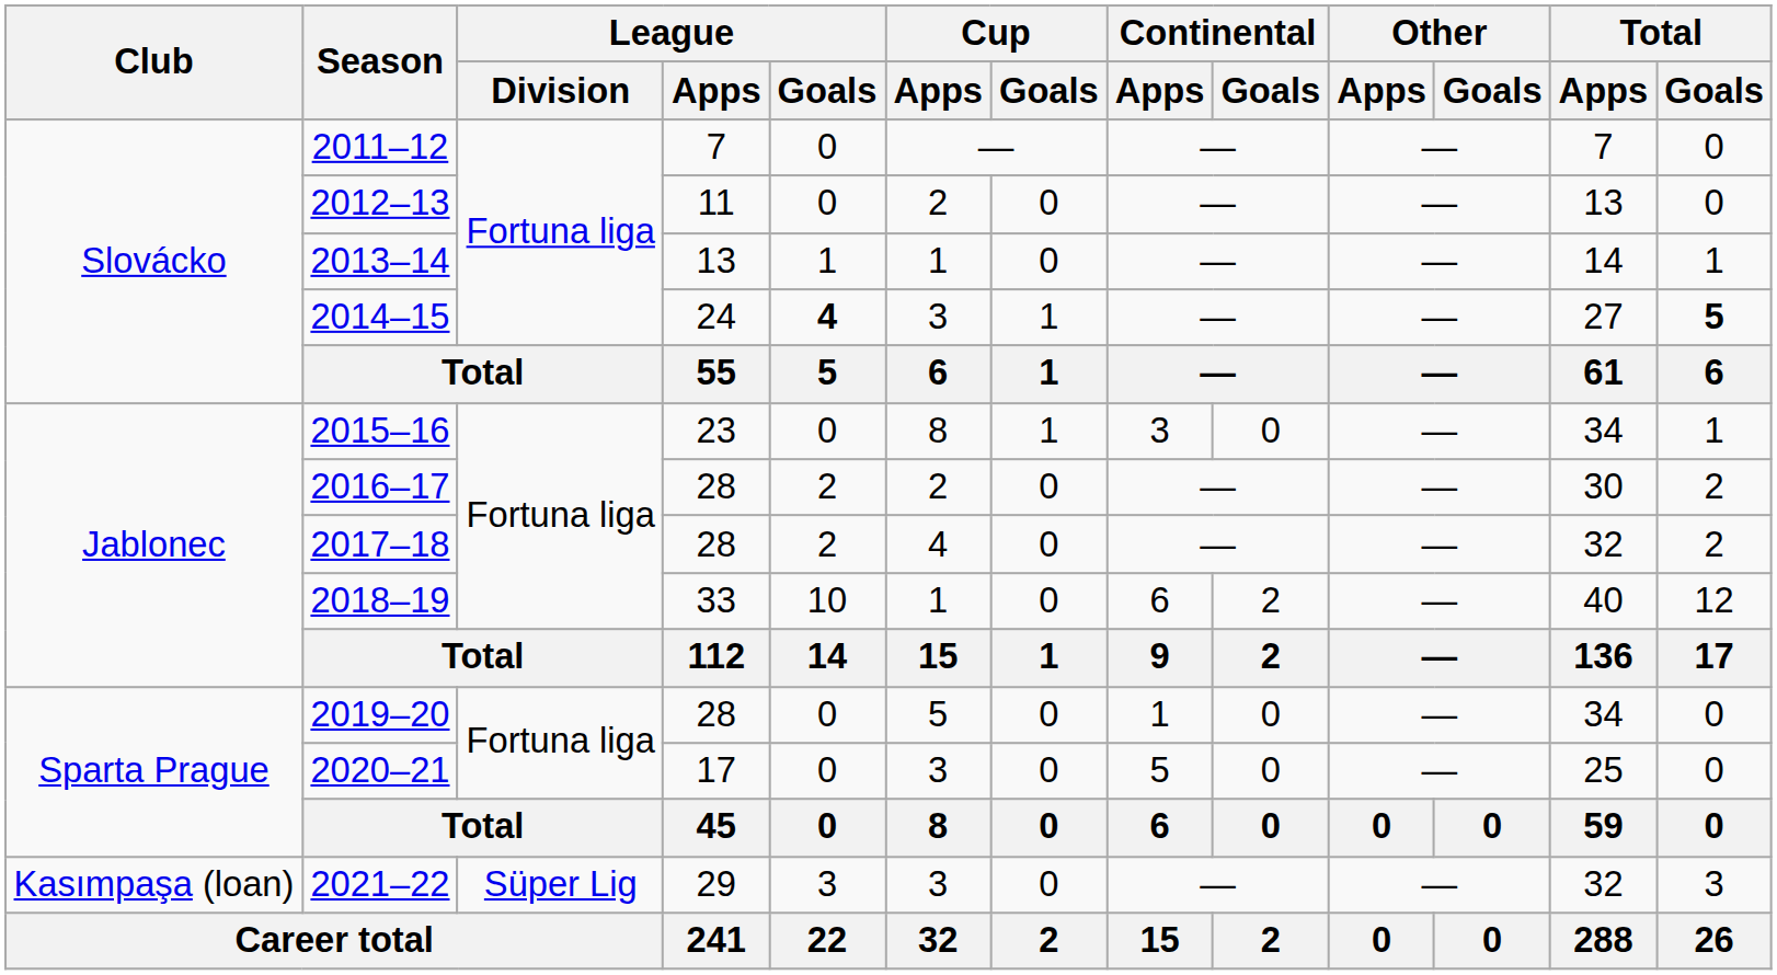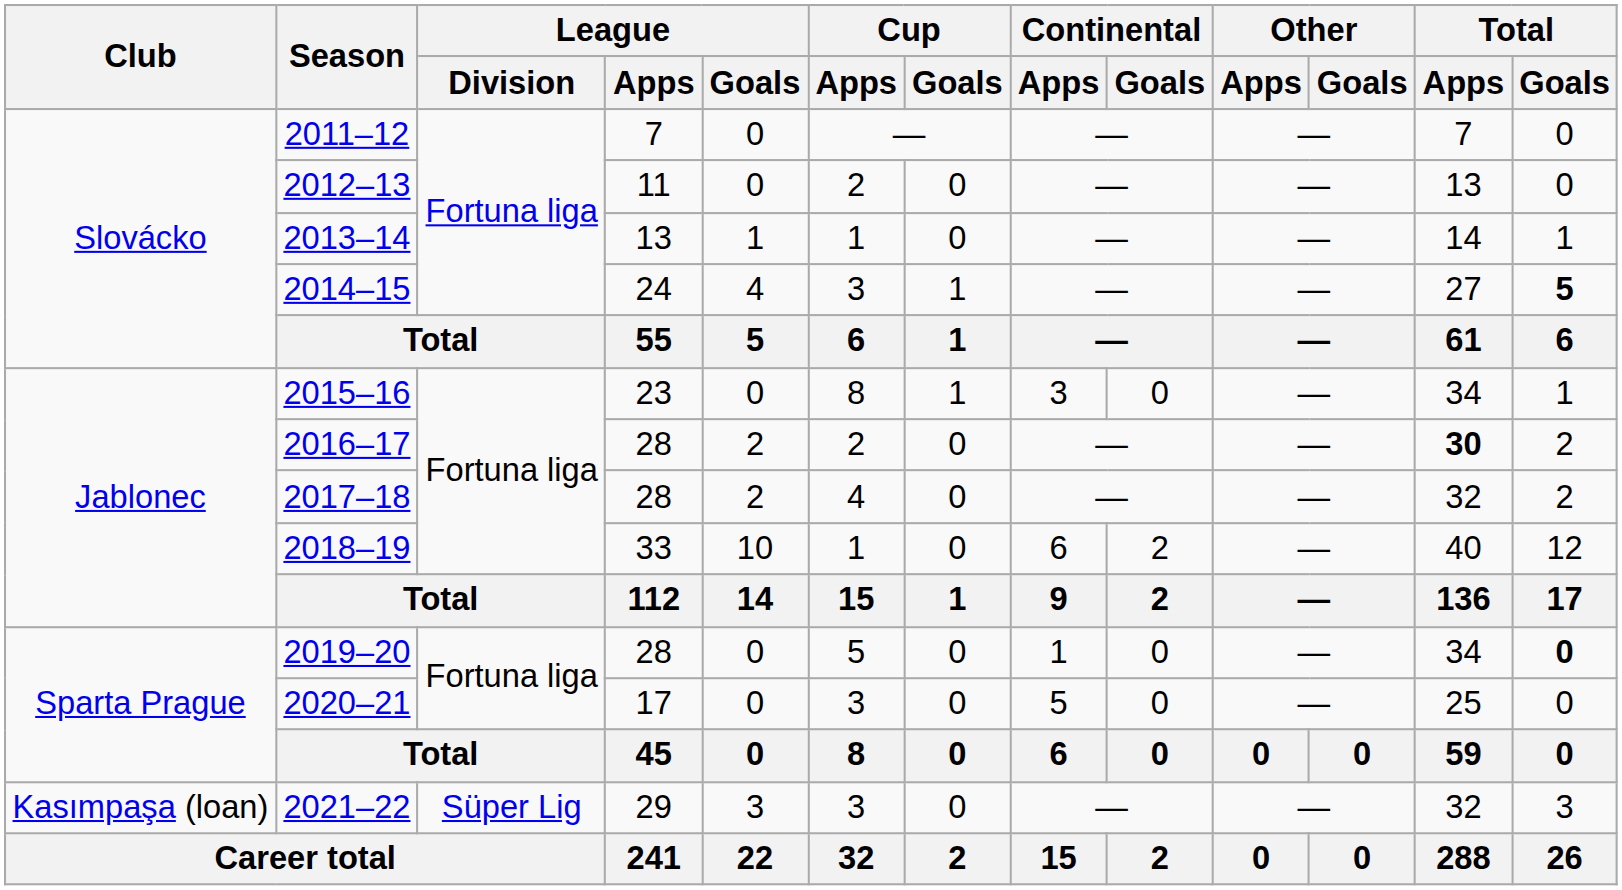 <table class="wikitable" style="text-align:center">
 <tr>
 <th rowspan="2">Club</th>
 <th rowspan="2">Season</th>
 <th colspan="3">League</th>
 <th colspan="2">Cup</th>
 <th colspan="2">Continental</th>
 <th colspan="2">Other</th>
 <th colspan="2">Total</th>
 </tr>
 <tr>
 <th>Division</th>
 <th>Apps</th>
 <th>Goals</th>
 <th>Apps</th>
 <th>Goals</th>
 <th>Apps</th>
 <th>Goals</th>
 <th>Apps</th>
 <th>Goals</th>
 <th>Apps</th>
 <th>Goals</th>
 </tr>
 <tr>
 <td rowspan="5"><a href='#'>Slovácko</a></td>
 <td><a href='#'>2011–12</a></td>
 <td rowspan="4"><a href='#'>Fortuna liga</a></td>
 <td>7</td>
 <td>0</td>
 <td colspan="2">—</td>
 <td colspan="2">—</td>
 <td colspan="2">—</td>
 <td>7</td>
 <td>0</td>
 </tr>
 <tr>
 <td><a href='#'>2012–13</a></td>
 <td>11</td>
 <td>0</td>
 <td>2</td>
 <td>0</td>
 <td colspan="2">—</td>
 <td colspan="2">—</td>
 <td>13</td>
 <td>0</td>
 </tr>
 <tr>
 <td><a href='#'>2013–14</a></td>
 <td>13</td>
 <td>1</td>
 <td>1</td>
 <td>0</td>
 <td colspan="2">—</td>
 <td colspan="2">—</td>
 <td>14</td>
 <td>1</td>
 </tr>
 <tr>
 <td><a href='#'>2014–15</a></td>
 <td>24</td>
-<td><strong>4</strong></td>
+<td>4</td>
 <td>3</td>
 <td>1</td>
 <td colspan="2">—</td>
 <td colspan="2">—</td>
 <td>27</td>
 <td><strong>5</strong></td>
 </tr>
 <tr>
 <th colspan="2">Total</th>
 <th>55</th>
 <th>5</th>
 <th>6</th>
 <th>1</th>
 <th colspan="2">—</th>
 <th colspan="2">—</th>
 <th>61</th>
 <th>6</th>
 </tr>
 <tr>
 <td rowspan="5"><a href='#'>Jablonec</a></td>
 <td><a href='#'>2015–16</a></td>
 <td rowspan="4">Fortuna liga</td>
 <td>23</td>
 <td>0</td>
 <td>8</td>
 <td>1</td>
 <td>3</td>
 <td>0</td>
 <td colspan="2">—</td>
 <td>34</td>
 <td>1</td>
 </tr>
 <tr>
 <td><a href='#'>2016–17</a></td>
 <td>28</td>
 <td>2</td>
 <td>2</td>
 <td>0</td>
 <td colspan="2">—</td>
 <td colspan="2">—</td>
-<td>30</td>
+<td><strong>30</strong></td>
 <td>2</td>
 </tr>
 <tr>
 <td><a href='#'>2017–18</a></td>
 <td>28</td>
 <td>2</td>
 <td>4</td>
 <td>0</td>
 <td colspan="2">—</td>
 <td colspan="2">—</td>
 <td>32</td>
 <td>2</td>
 </tr>
 <tr>
 <td><a href='#'>2018–19</a></td>
 <td>33</td>
 <td>10</td>
 <td>1</td>
 <td>0</td>
 <td>6</td>
 <td>2</td>
 <td colspan="2">—</td>
 <td>40</td>
 <td>12</td>
 </tr>
 <tr>
 <th colspan="2">Total</th>
 <th>112</th>
 <th>14</th>
 <th>15</th>
 <th>1</th>
 <th>9</th>
 <th>2</th>
 <th colspan="2">—</th>
 <th>136</th>
 <th>17</th>
 </tr>
 <tr>
 <td rowspan="3"><a href='#'>Sparta Prague</a></td>
 <td><a href='#'>2019–20</a></td>
 <td rowspan="2">Fortuna liga</td>
 <td>28</td>
 <td>0</td>
 <td>5</td>
 <td>0</td>
 <td>1</td>
 <td>0</td>
 <td colspan="2">—</td>
 <td>34</td>
-<td>0</td>
+<td><strong>0</strong></td>
 </tr>
 <tr>
 <td><a href='#'>2020–21</a></td>
 <td>17</td>
 <td>0</td>
 <td>3</td>
 <td>0</td>
 <td>5</td>
 <td>0</td>
 <td colspan="2">—</td>
 <td>25</td>
 <td>0</td>
 </tr>
 <tr>
 <th colspan="2">Total</th>
 <th>45</th>
 <th>0</th>
 <th>8</th>
 <th>0</th>
 <th>6</th>
 <th>0</th>
 <th>0</th>
 <th>0</th>
 <th>59</th>
 <th>0</th>
 </tr>
 <tr>
 <td><a href='#'>Kasımpaşa</a> (loan)</td>
 <td><a href='#'>2021–22</a></td>
 <td><a href='#'>Süper Lig</a></td>
 <td>29</td>
 <td>3</td>
 <td>3</td>
 <td>0</td>
 <td colspan="2">—</td>
 <td colspan="2">—</td>
 <td>32</td>
 <td>3</td>
 </tr>
 <tr>
 <th colspan="3">Career total</th>
 <th>241</th>
 <th>22</th>
 <th>32</th>
 <th>2</th>
 <th>15</th>
 <th>2</th>
 <th>0</th>
 <th>0</th>
 <th>288</th>
 <th>26</th>
 </tr>
 </table>
